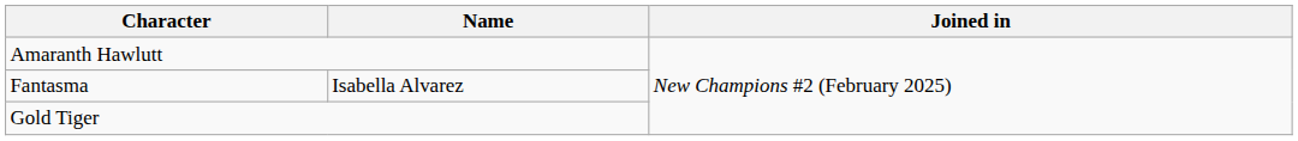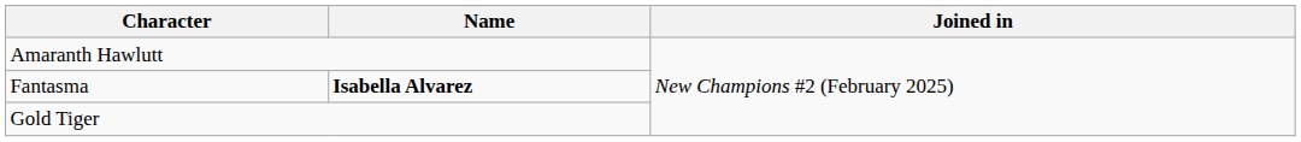 <table class="wikitable sortable" style="width:80%;">
 <tr>
 <th scope=col style="width:20%;">Character</th>
 <th scope=col style="width:20%;">Name</th>
 <th scope=col style="width:40%;">Joined in</th>
 </tr>
 <tr>
 <td colspan=2>Amaranth Hawlutt</td>
 <td rowspan=3><em>New Champions</em> #2 (February 2025)</td>
 </tr>
 <tr>
 <td>Fantasma</td>
-<td>Isabella Alvarez</td>
+<td><strong>Isabella Alvarez</strong></td>
 </tr>
 <tr>
 <td colspan=2>Gold Tiger</td>
 </tr>
 </table>
